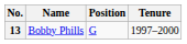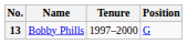 <table class="wikitable">
 <tr>
 <th scope="col">No.</th>
 <th scope="col">Name</th>
+<th scope="col">Tenure</th>
 <th scope="col">Position</th>
-<th scope="col">Tenure</th>
 </tr>
 <tr>
 <th scope="row">13</th>
 <td><a href='#'>Bobby Phills</a></td>
+<td>1997–2000</td>
 <td><a href='#'>G</a></td>
-<td>1997–2000</td>
 </tr>
 </table>
